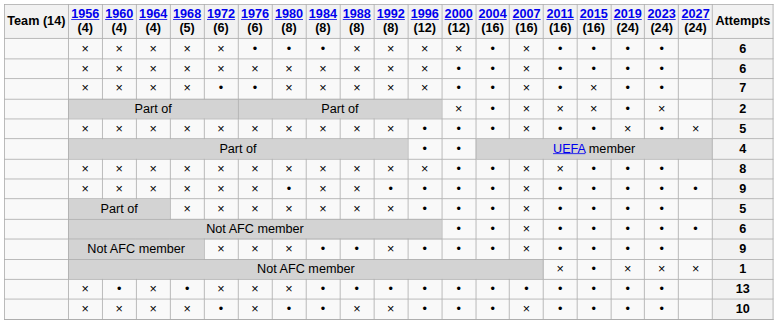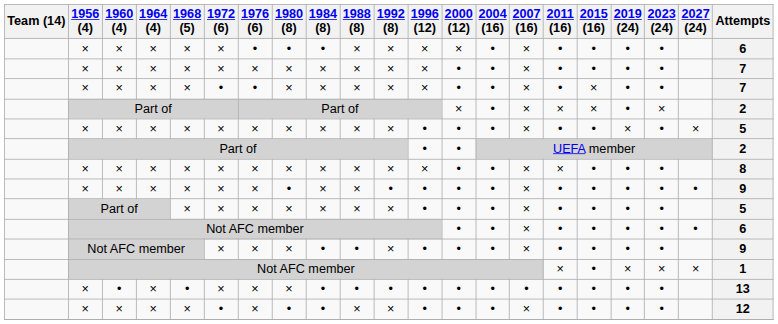 <table class="wikitable sortable" style="text-align: center">
 <tr>
 <th>Team (14)</th>
 <th class=unsortable><a href='#'>1956</a><br> (4)</th>
 <th class=unsortable><a href='#'>1960</a><br> (4)</th>
 <th class=unsortable><a href='#'>1964</a><br> (4)</th>
 <th class=unsortable><a href='#'>1968</a><br> (5)</th>
 <th class=unsortable><a href='#'>1972</a><br> (6)</th>
 <th class=unsortable><a href='#'>1976</a><br> (6)</th>
 <th class=unsortable><a href='#'>1980</a><br> (8)</th>
 <th class=unsortable><a href='#'>1984</a><br> (8)</th>
 <th class=unsortable><a href='#'>1988</a><br> (8)</th>
 <th class=unsortable><a href='#'>1992</a><br> (8)</th>
 <th class=unsortable><a href='#'>1996</a><br> (12)</th>
 <th class=unsortable><a href='#'>2000</a><br> (12)</th>
 <th class=unsortable><a href='#'>2004</a><br> (16)</th>
 <th class=unsortable><a href='#'>2007</a><br> (16)</th>
 <th class=unsortable><a href='#'>2011</a><br> (16)</th>
 <th class=unsortable><a href='#'>2015</a><br> (16)</th>
 <th class=unsortable><a href='#'>2019</a><br> (24)</th>
 <th class=unsortable><a href='#'>2023</a><br> (24)</th>
 <th class=unsortable><a href='#'>2027</a><br> (24)</th>
 <th>Attempts</th>
 </tr>
 <tr>
 <td align=left></td>
 <td>×</td>
 <td>×</td>
 <td>×</td>
 <td>×</td>
 <td>×</td>
 <td>•</td>
 <td>•</td>
 <td>•</td>
 <td>×</td>
 <td>×</td>
 <td>×</td>
 <td>×</td>
 <td>•</td>
 <td>×</td>
 <td>•</td>
 <td>•</td>
 <td>•</td>
 <td>•</td>
 <td></td>
 <th>6</th>
 </tr>
 <tr>
 <td align=left></td>
 <td>×</td>
 <td>×</td>
 <td>×</td>
 <td>×</td>
 <td>×</td>
 <td>×</td>
 <td>×</td>
 <td>×</td>
 <td>×</td>
 <td>×</td>
 <td>×</td>
 <td>•</td>
 <td>•</td>
 <td>×</td>
 <td>•</td>
 <td>•</td>
 <td>•</td>
 <td>•</td>
 <td></td>
-<th>6</th>
+<th>7</th>
 </tr>
 <tr>
 <td align=left></td>
 <td>×</td>
 <td>×</td>
 <td>×</td>
 <td>×</td>
 <td>•</td>
 <td>•</td>
 <td>×</td>
 <td>×</td>
 <td>×</td>
 <td>×</td>
 <td>×</td>
 <td>•</td>
 <td>•</td>
 <td>×</td>
 <td>•</td>
 <td>×</td>
 <td>•</td>
 <td>•</td>
 <td></td>
 <th>7</th>
 </tr>
 <tr>
 <td align=left></td>
 <td bgcolor=lightgrey colspan=5>Part of </td>
 <td bgcolor=lightgrey colspan=6>Part of </td>
 <td>×</td>
 <td>•</td>
 <td>×</td>
 <td>×</td>
 <td>×</td>
 <td>•</td>
 <td>×</td>
 <td></td>
 <th>2</th>
 </tr>
 <tr>
 <td align=left></td>
 <td>×</td>
 <td>×</td>
 <td>×</td>
 <td>×</td>
 <td>×</td>
 <td>×</td>
 <td>×</td>
 <td>×</td>
 <td>×</td>
 <td>×</td>
 <td>•</td>
 <td>•</td>
 <td>•</td>
 <td>×</td>
 <td>•</td>
 <td>•</td>
 <td>×</td>
 <td>•</td>
 <td>×</td>
 <th>5</th>
 </tr>
 <tr>
 <td align=left><s><em></em></s></td>
 <td bgcolor=lightgrey colspan=10>Part of </td>
 <td>•</td>
 <td>•</td>
 <td bgcolor=lightgrey colspan=7><a href='#'>UEFA</a> member</td>
-<th>4</th>
+<th>2</th>
 </tr>
 <tr>
 <td align=left></td>
 <td>×</td>
 <td>×</td>
 <td>×</td>
 <td>×</td>
 <td>×</td>
 <td>×</td>
 <td>×</td>
 <td>×</td>
 <td>×</td>
 <td>×</td>
 <td>×</td>
 <td>•</td>
 <td>•</td>
 <td>×</td>
 <td>×</td>
 <td>•</td>
 <td>•</td>
 <td>•</td>
 <td></td>
 <th>8</th>
 </tr>
 <tr>
 <td align=left></td>
 <td>×</td>
 <td>×</td>
 <td>×</td>
 <td>×</td>
 <td>×</td>
 <td>×</td>
 <td>•</td>
 <td>×</td>
 <td>×</td>
 <td>•</td>
 <td>•</td>
 <td>•</td>
 <td>•</td>
 <td>×</td>
 <td>•</td>
 <td>•</td>
 <td>•</td>
 <td>•</td>
 <td>•</td>
 <th>9</th>
 </tr>
 <tr>
 <td align=left></td>
 <td bgcolor=lightgrey colspan=3>Part of </td>
 <td>×</td>
 <td>×</td>
 <td>×</td>
 <td>×</td>
 <td>×</td>
 <td>×</td>
 <td>×</td>
 <td>•</td>
 <td>•</td>
 <td>•</td>
 <td>×</td>
 <td>•</td>
 <td>•</td>
 <td>•</td>
 <td>•</td>
 <td></td>
 <th>5</th>
 </tr>
 <tr>
 <td align=left></td>
 <td bgcolor=lightgrey colspan=11>Not AFC member</td>
 <td>•</td>
 <td>•</td>
 <td>×</td>
 <td>•</td>
 <td>•</td>
 <td>•</td>
 <td>•</td>
 <td>•</td>
 <th>6</th>
 </tr>
 <tr>
 <td align=left></td>
 <td bgcolor=lightgrey colspan=4>Not AFC member</td>
 <td>×</td>
 <td>×</td>
 <td>×</td>
 <td>•</td>
 <td>•</td>
 <td>×</td>
 <td>•</td>
 <td>•</td>
 <td>•</td>
 <td>×</td>
 <td>•</td>
 <td>•</td>
 <td>•</td>
 <td>•</td>
 <td></td>
 <th>9</th>
 </tr>
 <tr>
 <td align=left></td>
 <td bgcolor=lightgrey colspan=14>Not AFC member</td>
 <td>×</td>
 <td>•</td>
 <td>×</td>
 <td>×</td>
 <td>×</td>
 <th>1</th>
 </tr>
 <tr>
 <td align=left></td>
 <td>×</td>
 <td>•</td>
 <td>×</td>
 <td>•</td>
 <td>×</td>
 <td>×</td>
 <td>×</td>
 <td>•</td>
 <td>•</td>
 <td>•</td>
 <td>•</td>
 <td>•</td>
 <td>•</td>
 <td>•</td>
 <td>•</td>
 <td>•</td>
 <td>•</td>
 <td>•</td>
 <td></td>
 <th>13</th>
 </tr>
 <tr>
 <td align=left></td>
 <td>×</td>
 <td>×</td>
 <td>×</td>
 <td>×</td>
 <td>•</td>
 <td>×</td>
 <td>•</td>
 <td>•</td>
 <td>×</td>
 <td>×</td>
 <td>•</td>
 <td>•</td>
 <td>•</td>
 <td>×</td>
 <td>•</td>
 <td>•</td>
 <td>•</td>
 <td>•</td>
 <td></td>
-<th>10</th>
+<th>12</th>
 </tr>
 <tr>
 </tr>
 </table>
